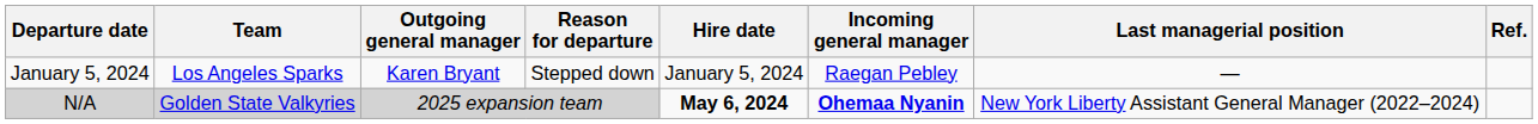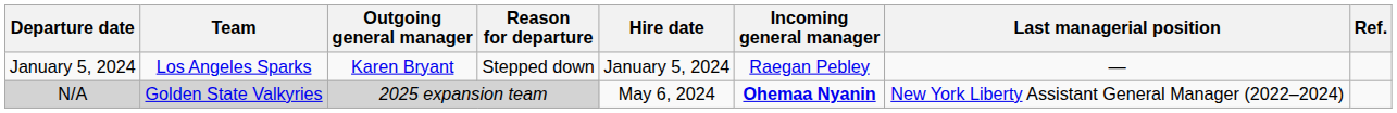 <table class="wikitable sortable" style="width:100%; text-align: center">
 <tr>
 <th>Departure date</th>
 <th>Team</th>
 <th>Outgoing<br>general manager</th>
 <th>Reason<br>for departure</th>
 <th>Hire date</th>
 <th>Incoming<br>general manager</th>
 <th class="unsortable">Last managerial position</th>
 <th class="unsortable">Ref.</th>
 </tr>
 <tr>
 <td>January 5, 2024</td>
 <td><a href='#'>Los Angeles Sparks</a></td>
 <td><a href='#'>Karen Bryant</a></td>
 <td>Stepped down</td>
 <td>January 5, 2024</td>
 <td><a href='#'>Raegan Pebley</a></td>
 <td>—</td>
 <td></td>
 </tr>
 <tr>
 <td bgcolor="lightgray">N/A</td>
 <td bgcolor="lightgray"><a href='#'>Golden State Valkyries</a></td>
 <td bgcolor="lightgray" colspan=2><em>2025 expansion team</em></td>
-<td><strong>May 6, 2024</strong></td>
+<td>May 6, 2024</td>
 <td><strong><a href='#'>Ohemaa Nyanin</a></strong></td>
 <td><a href='#'>New York Liberty</a> Assistant General Manager (2022–2024)</td>
 <td></td>
 </tr>
 </table>
